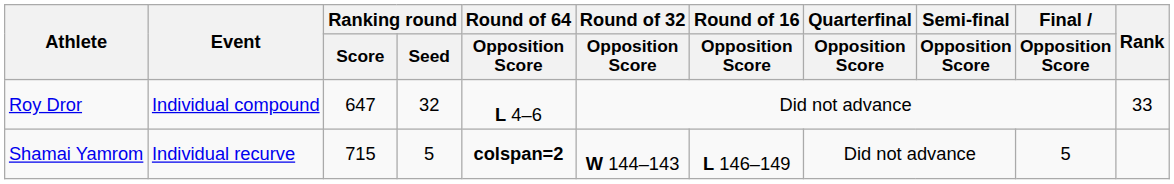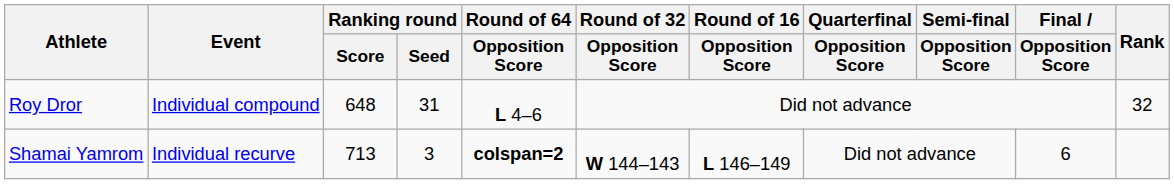 <table class=wikitable style=font-size:90%;text-align:center>
 <tr>
 <th rowspan=2>Athlete</th>
 <th rowspan=2>Event</th>
 <th colspan=2>Ranking round</th>
 <th>Round of 64</th>
 <th>Round of 32</th>
 <th>Round of 16</th>
 <th>Quarterfinal</th>
 <th>Semi-final</th>
 <th>Final / </th>
 <th rowspan=2>Rank</th>
 </tr>
 <tr style=font-size:95%>
 <th>Score</th>
 <th>Seed</th>
 <th>Opposition<br>Score</th>
 <th>Opposition<br>Score</th>
 <th>Opposition<br>Score</th>
 <th>Opposition<br>Score</th>
 <th>Opposition<br>Score</th>
 <th>Opposition<br>Score</th>
 </tr>
 <tr>
 <td align=left><a href='#'>Roy Dror</a></td>
 <td align=left><a href='#'>Individual compound</a></td>
-<td>647</td>
-<td>32</td>
+<td>648</td>
+<td>31</td>
 <td><br><strong>L</strong> 4–6</td>
 <td colspan=5>Did not advance</td>
-<td>33</td>
+<td>32</td>
 </tr>
 <tr>
 <td align=left><a href='#'>Shamai Yamrom</a></td>
 <td align=left><a href='#'>Individual recurve</a></td>
-<td>715</td>
-<td>5</td>
+<td>713</td>
+<td>3</td>
 <td><strong>colspan=2 </strong></td>
 <td><br><strong>W</strong> 144–143</td>
 <td><br><strong>L</strong> 146–149</td>
 <td colspan=2>Did not advance</td>
-<td>5</td>
+<td>6</td>
 </tr>
 </table>
